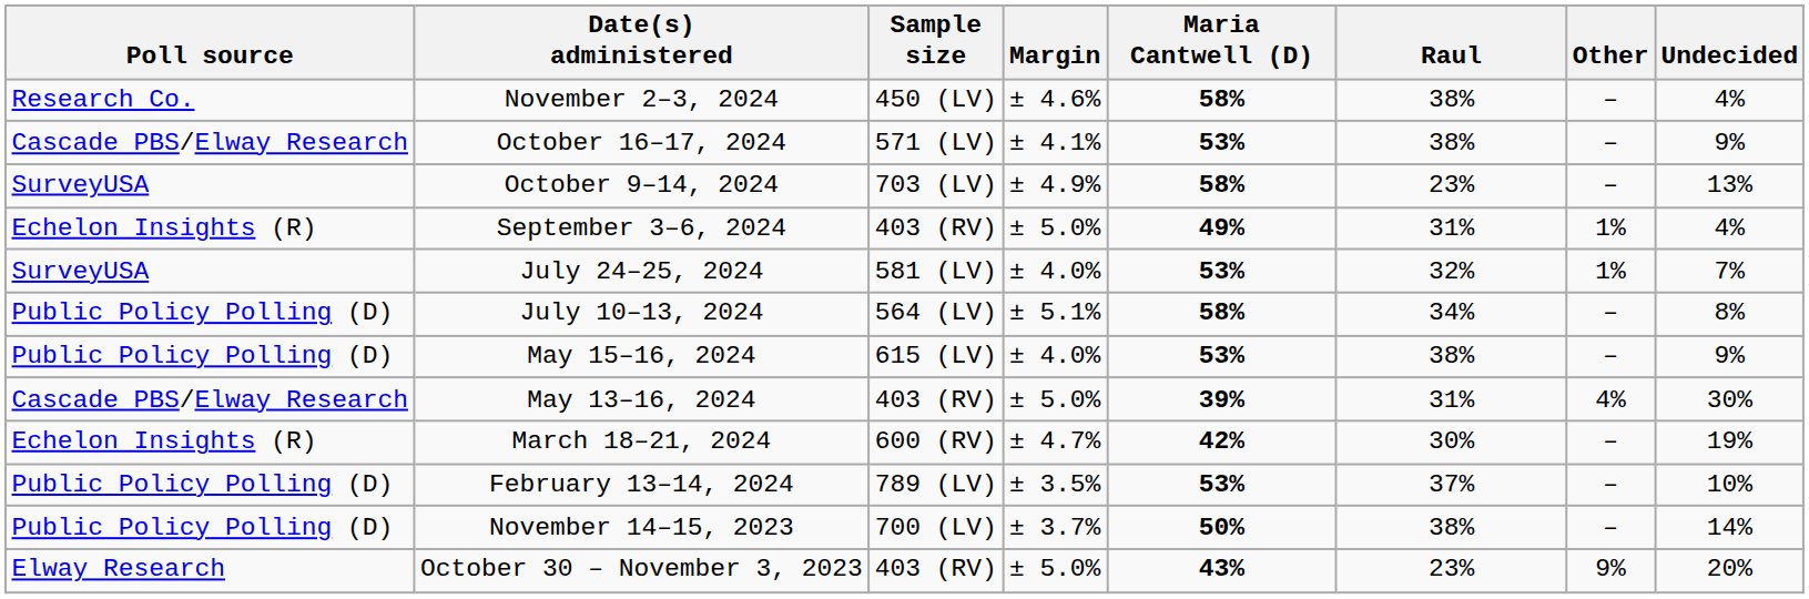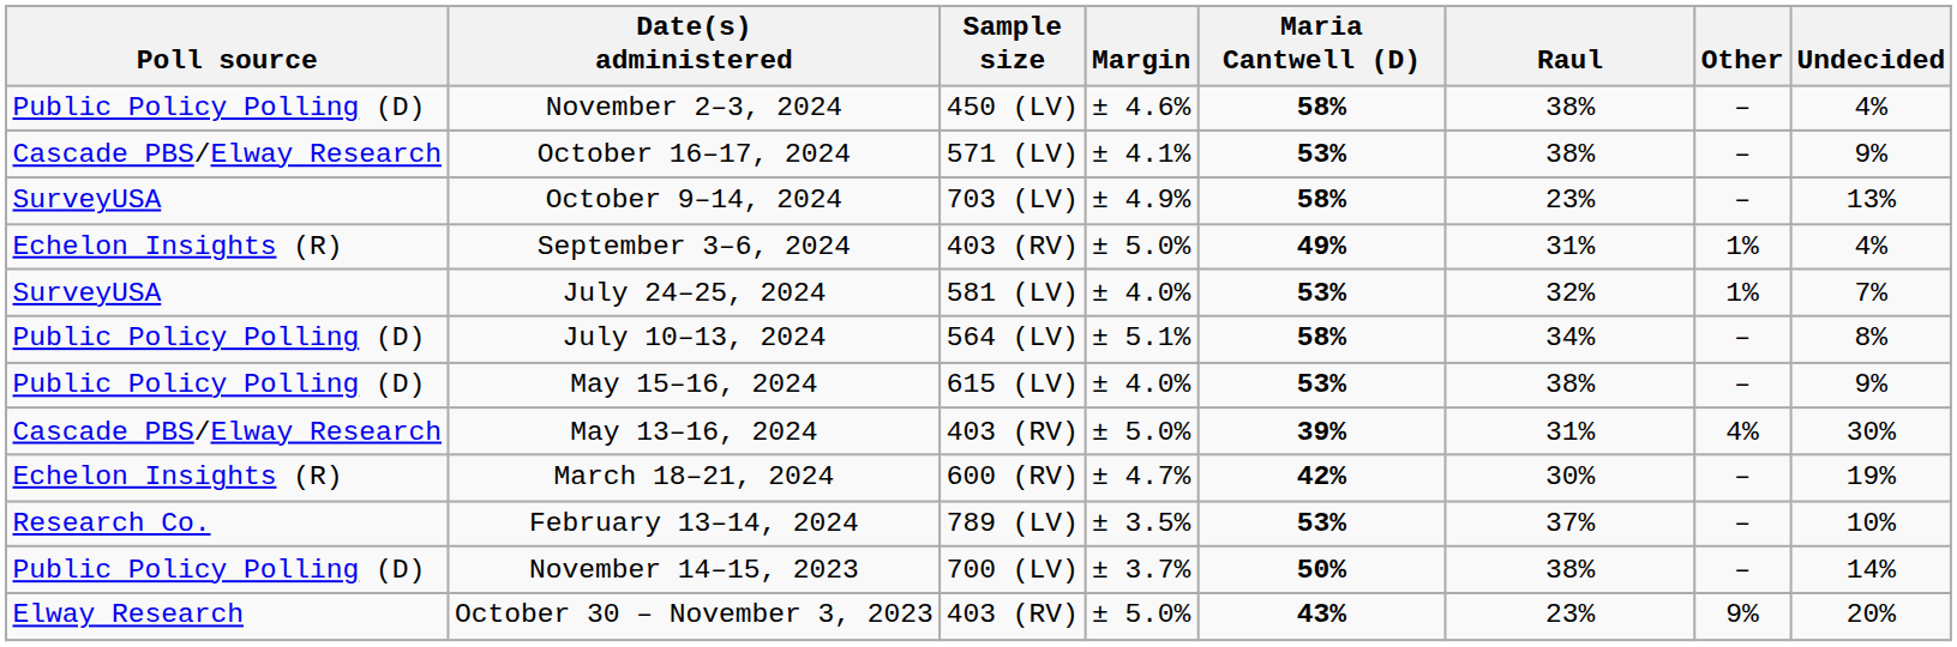 <table class="wikitable" style="font-size:90%;text-align:center;">
 <tr valign=bottom>
 <th>Poll source</th>
 <th>Date(s)<br>administered</th>
 <th>Sample<br>size</th>
 <th>Margin<br></th>
 <th style="width:100px;">Maria<br>Cantwell (D)</th>
 <th style="width:100px;">Raul<br></th>
 <th>Other</th>
 <th>Undecided</th>
 </tr>
 <tr>
-<td style="text-align:left;"><a href='#'>Research Co.</a></td>
+<td style="text-align:left;"><a href='#'>Public Policy Polling</a> (D)</td>
 <td>November 2–3, 2024</td>
 <td>450 (LV)</td>
 <td>± 4.6%</td>
 <td><strong>58%</strong></td>
 <td>38%</td>
 <td>–</td>
 <td>4%</td>
 </tr>
 <tr>
 <td style="text-align:left;"><a href='#'>Cascade PBS</a>/<a href='#'>Elway Research</a></td>
 <td>October 16–17, 2024</td>
 <td>571 (LV)</td>
 <td>± 4.1%</td>
 <td><strong>53%</strong></td>
 <td>38%</td>
 <td>–</td>
 <td>9%</td>
 </tr>
 <tr>
 <td style="text-align:left;"><a href='#'>SurveyUSA</a></td>
 <td>October 9–14, 2024</td>
 <td>703 (LV)</td>
 <td>± 4.9%</td>
 <td><strong>58%</strong></td>
 <td>23%</td>
 <td>–</td>
 <td>13%</td>
 </tr>
 <tr>
 <td style="text-align:left;"><a href='#'>Echelon Insights</a> (R)</td>
 <td>September 3–6, 2024</td>
 <td>403 (RV)</td>
 <td>± 5.0%</td>
 <td><strong>49%</strong></td>
 <td>31%</td>
 <td>1%</td>
 <td>4%</td>
 </tr>
 <tr>
 <td style="text-align:left;"><a href='#'>SurveyUSA</a></td>
 <td>July 24–25, 2024</td>
 <td>581 (LV)</td>
 <td>± 4.0%</td>
 <td><strong>53%</strong></td>
 <td>32%</td>
 <td>1%</td>
 <td>7%</td>
 </tr>
 <tr>
 <td style="text-align:left;"><a href='#'>Public Policy Polling</a> (D)</td>
 <td>July 10–13, 2024</td>
 <td>564 (LV)</td>
 <td>± 5.1%</td>
 <td><strong>58%</strong></td>
 <td>34%</td>
 <td>–</td>
 <td>8%</td>
 </tr>
 <tr>
 <td style="text-align:left;"><a href='#'>Public Policy Polling</a> (D)</td>
 <td>May 15–16, 2024</td>
 <td>615 (LV)</td>
 <td>± 4.0%</td>
 <td><strong>53%</strong></td>
 <td>38%</td>
 <td>–</td>
 <td>9%</td>
 </tr>
 <tr>
 <td style="text-align:left;"><a href='#'>Cascade PBS</a>/<a href='#'>Elway Research</a></td>
 <td data-sort-value="2024-05-24">May 13–16, 2024</td>
 <td>403 (RV)</td>
 <td>± 5.0%</td>
 <td><strong>39%</strong></td>
 <td>31%</td>
 <td>4%</td>
 <td>30%</td>
 </tr>
 <tr>
 <td style="text-align:left;"><a href='#'>Echelon Insights</a> (R)</td>
 <td>March 18–21, 2024</td>
 <td>600 (RV)</td>
 <td>± 4.7%</td>
 <td><strong>42%</strong></td>
 <td>30%</td>
 <td>–</td>
 <td>19%</td>
 </tr>
 <tr>
-<td style="text-align:left;"><a href='#'>Public Policy Polling</a> (D)</td>
+<td style="text-align:left;"><a href='#'>Research Co.</a></td>
 <td>February 13–14, 2024</td>
 <td>789 (LV)</td>
 <td>± 3.5%</td>
 <td><strong>53%</strong></td>
 <td>37%</td>
 <td>–</td>
 <td>10%</td>
 </tr>
 <tr>
 <td style="text-align:left;"><a href='#'>Public Policy Polling</a> (D)</td>
 <td data-sort-value="2023-06-08">November 14–15, 2023</td>
 <td>700 (LV)</td>
 <td>± 3.7%</td>
 <td><strong>50%</strong></td>
 <td>38%</td>
 <td>–</td>
 <td>14%</td>
 </tr>
 <tr>
 <td style="text-align:left;"><a href='#'>Elway Research</a></td>
 <td data-sort-value="2023-11-03">October 30 – November 3, 2023</td>
 <td>403 (RV)</td>
 <td>± 5.0%</td>
 <td><strong>43%</strong></td>
 <td>23%</td>
 <td>9%</td>
 <td>20%</td>
 </tr>
 </table>
